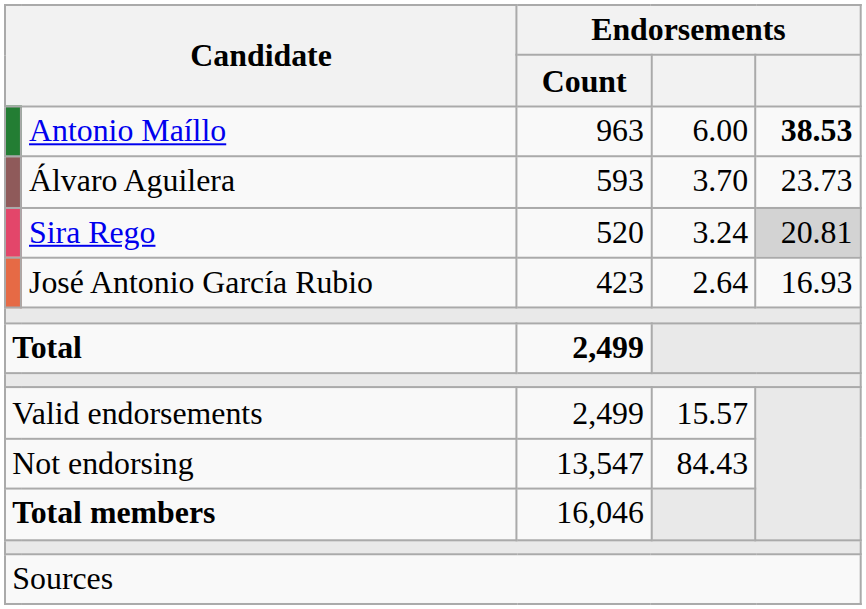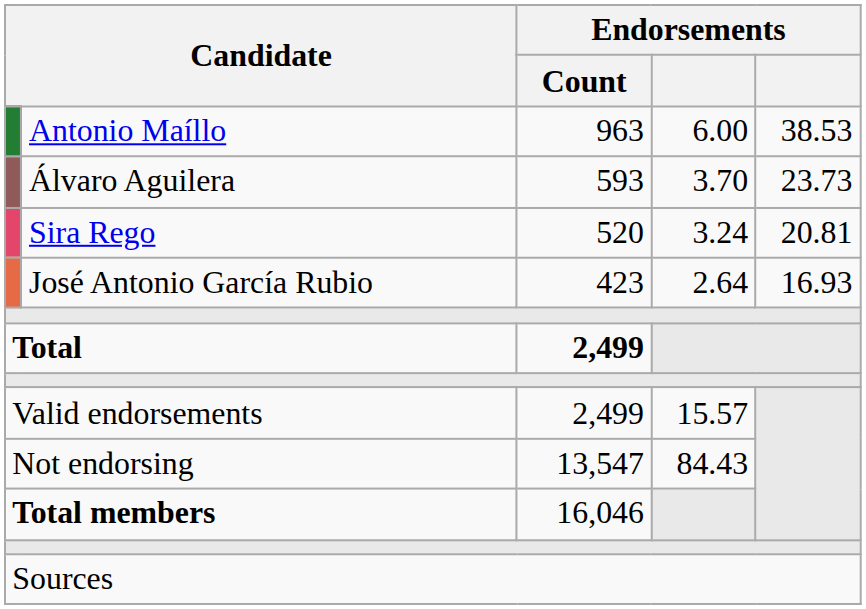 <table class="wikitable" style="text-align:right;">
 <tr>
 <th colspan="2" rowspan="2" width="250">Candidate</th>
 <th colspan="3">Endorsements</th>
 </tr>
 <tr>
 <th width="60">Count</th>
 <th width="45"></th>
 <th width="45"></th>
 </tr>
 <tr>
 <td width="1" style="color:inherit;background:#237D33"></td>
 <td align="left"><a href='#'>Antonio Maíllo</a></td>
 <td>963</td>
 <td>6.00</td>
-<td><strong>38.53</strong></td>
+<td>38.53</td>
 </tr>
 <tr>
 <td style="color:inherit;background:#8F5A5A"></td>
 <td align="left">Álvaro Aguilera</td>
 <td>593</td>
 <td>3.70</td>
 <td>23.73</td>
 </tr>
 <tr>
 <td style="color:inherit;background:#E3466A"></td>
 <td align="left"><a href='#'>Sira Rego</a></td>
 <td>520</td>
 <td>3.24</td>
-<td style="background: lightgrey;">20.81</td>
+<td>20.81</td>
 </tr>
 <tr>
 <td style="color:inherit;background:#E66A45"></td>
 <td align="left">José Antonio García Rubio</td>
 <td>423</td>
 <td>2.64</td>
 <td>16.93</td>
 </tr>
 <tr>
 <td colspan="7" bgcolor="#E9E9E9"></td>
 </tr>
 <tr style="font-weight:bold;">
 <td colspan="2" align="left">Total</td>
 <td>2,499</td>
 <td colspan="2" bgcolor="#E9E9E9"></td>
 </tr>
 <tr>
 <td colspan="5" bgcolor="#E9E9E9"></td>
 </tr>
 <tr>
 <td colspan="2" align="left">Valid endorsements</td>
 <td>2,499</td>
 <td>15.57</td>
 <td rowspan="3" bgcolor="#E9E9E9"></td>
 </tr>
 <tr>
 <td colspan="2" align="left">Not endorsing</td>
 <td>13,547</td>
 <td>84.43</td>
 </tr>
 <tr>
 <td colspan="2" align="left"><strong>Total members</strong></td>
 <td>16,046</td>
 <td bgcolor="#E9E9E9"></td>
 </tr>
 <tr>
 <td colspan="5" bgcolor="#E9E9E9"></td>
 </tr>
 <tr>
 <td colspan="5" align="left">Sources</td>
 </tr>
 </table>
